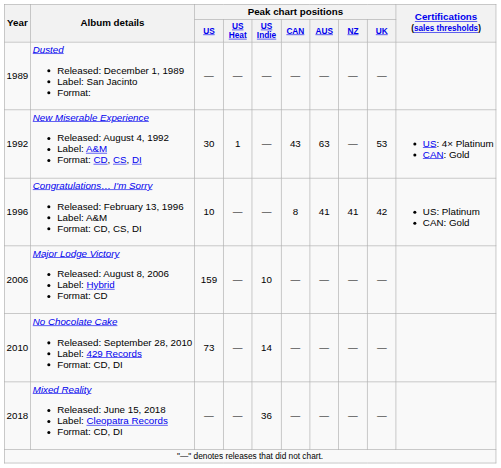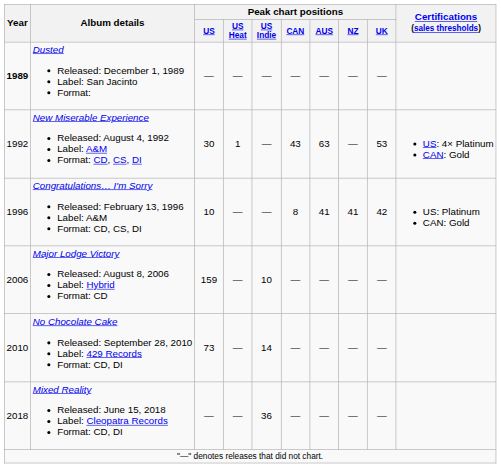 <table class="wikitable">
 <tr>
 <th rowspan="2" style="width:33px;">Year</th>
 <th rowspan="2">Album details</th>
 <th colspan="7">Peak chart positions</th>
 <th rowspan="2"><a href='#'>Certifications</a><br><small>(<a href='#'>sales thresholds</a>)</small></th>
 </tr>
 <tr>
 <th style="width:3em;font-size:85%"><a href='#'>US</a><br></th>
 <th style="width:3em;font-size:85%"><a href='#'>US Heat</a><br></th>
 <th style="width:3em;font-size:85%"><a href='#'>US Indie</a><br></th>
 <th style="width:3em;font-size:85%"><a href='#'>CAN</a><br></th>
 <th style="width:3em;font-size:85%"><a href='#'>AUS</a><br></th>
 <th style="width:3em;font-size:85%"><a href='#'>NZ</a><br></th>
 <th style="width:3em;font-size:85%"><a href='#'>UK</a><br></th>
 </tr>
 <tr>
-<td>1989</td>
+<td><strong>1989</strong></td>
 <td><em><a href='#'>Dusted</a></em><br><ul><li>Released: December 1, 1989</li><li>Label: San Jacinto</li><li>Format:</li></ul></td>
 <td style="text-align:center;">—</td>
 <td style="text-align:center;">—</td>
 <td style="text-align:center;">—</td>
 <td style="text-align:center;">—</td>
 <td style="text-align:center;">—</td>
 <td style="text-align:center;">—</td>
 <td style="text-align:center;">—</td>
 <td></td>
 </tr>
 <tr>
 <td>1992</td>
 <td><em><a href='#'>New Miserable Experience</a></em><br><ul><li>Released: August 4, 1992</li><li>Label: <a href='#'>A&M</a></li><li>Format: <a href='#'>CD</a>, <a href='#'>CS</a>, <a href='#'>DI</a></li></ul></td>
 <td style="text-align:center;">30</td>
 <td style="text-align:center;">1</td>
 <td style="text-align:center;">—</td>
 <td style="text-align:center;">43<br></td>
 <td style="text-align:center;">63</td>
 <td style="text-align:center;">—</td>
 <td style="text-align:center;">53</td>
 <td><br><ul><li><a href='#'>US</a>: 4× Platinum</li><li><a href='#'>CAN</a>: Gold </li></ul></td>
 </tr>
 <tr>
 <td>1996</td>
 <td><em><a href='#'>Congratulations… I'm Sorry</a></em><br><ul><li>Released: February 13, 1996</li><li>Label: A&M</li><li>Format: CD, CS, DI</li></ul></td>
 <td style="text-align:center;">10</td>
 <td style="text-align:center;">—</td>
 <td style="text-align:center;">—</td>
 <td style="text-align:center;">8</td>
 <td style="text-align:center;">41</td>
 <td style="text-align:center;">41</td>
 <td style="text-align:center;">42</td>
 <td><br><ul><li>US: Platinum</li><li>CAN: Gold</li></ul></td>
 </tr>
 <tr>
 <td>2006</td>
 <td><em><a href='#'>Major Lodge Victory</a></em><br><ul><li>Released: August 8, 2006</li><li>Label: <a href='#'>Hybrid</a></li><li>Format: CD</li></ul></td>
 <td style="text-align:center;">159</td>
 <td style="text-align:center;">—</td>
 <td style="text-align:center;">10</td>
 <td style="text-align:center;">—</td>
 <td style="text-align:center;">—</td>
 <td style="text-align:center;">—</td>
 <td style="text-align:center;">—</td>
 <td></td>
 </tr>
 <tr>
 <td>2010</td>
 <td><em><a href='#'>No Chocolate Cake</a></em><br><ul><li>Released: September 28, 2010</li><li>Label: <a href='#'>429 Records</a></li><li>Format: CD, DI</li></ul></td>
 <td style="text-align:center;">73</td>
 <td style="text-align:center;">—</td>
 <td style="text-align:center;">14</td>
 <td style="text-align:center;">—</td>
 <td style="text-align:center;">—</td>
 <td style="text-align:center;">—</td>
 <td style="text-align:center;">—</td>
 <td></td>
 </tr>
 <tr>
 <td>2018</td>
 <td><em><a href='#'>Mixed Reality</a></em><br><ul><li>Released: June 15, 2018</li><li>Label: <a href='#'>Cleopatra Records</a></li><li>Format: CD, DI</li></ul></td>
 <td style="text-align:center;">—</td>
 <td style="text-align:center;">—</td>
 <td style="text-align:center;">36</td>
 <td style="text-align:center;">—</td>
 <td style="text-align:center;">—</td>
 <td style="text-align:center;">—</td>
 <td style="text-align:center;">—</td>
 <td></td>
 </tr>
 <tr>
 <td colspan="11" style="text-align:center; font-size:85%">"—" denotes releases that did not chart.</td>
 </tr>
 </table>
